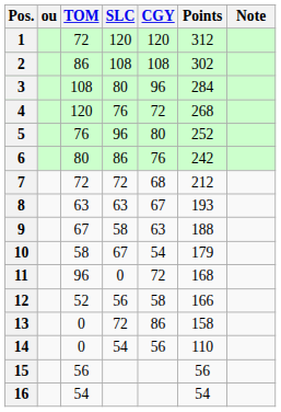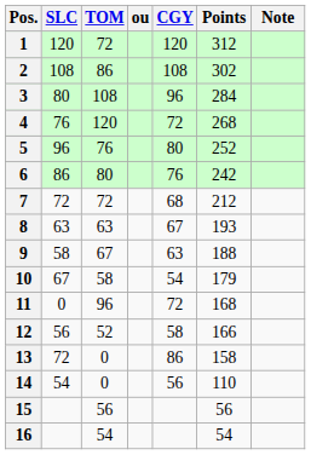 <table class="wikitable sortable plainrowheaders" style="text-align:center;">
 <tr>
 <th scope="col">Pos.</th>
+<th scope="col"> <a href='#'>SLC</a></th>
+<th scope="col"> <a href='#'>TOM</a></th>
 <th scope="col">ou</th>
-<th scope="col"> <a href='#'>TOM</a></th>
-<th scope="col"> <a href='#'>SLC</a></th>
 <th scope="col"> <a href='#'>CGY</a></th>
 <th style="width:45px;">Points</th>
 <th style="width:45px;">Note</th>
 </tr>
 <tr bgcolor=#ccffcc>
 <th style="text - align:center; ">1</th>
+<td>120</td>
+<td>72</td>
 <td align="left"></td>
-<td>72</td>
-<td>120</td>
 <td>120</td>
 <td>312</td>
 <td></td>
 </tr>
 <tr bgcolor=#ccffcc>
 <th style="text - align:center; ">2</th>
+<td>108</td>
+<td>86</td>
 <td align="left"></td>
-<td>86</td>
-<td>108</td>
 <td>108</td>
 <td>302</td>
 <td></td>
 </tr>
 <tr bgcolor=#ccffcc>
 <th style="text - align:center; ">3</th>
+<td>80</td>
+<td>108</td>
 <td align="left"></td>
-<td>108</td>
-<td>80</td>
 <td>96</td>
 <td>284</td>
 <td></td>
 </tr>
 <tr bgcolor=#ccffcc>
 <th style="text - align:center; ">4</th>
+<td>76</td>
+<td>120</td>
 <td align="left"></td>
-<td>120</td>
-<td>76</td>
 <td>72</td>
 <td>268</td>
 <td></td>
 </tr>
 <tr bgcolor=#ccffcc>
 <th style="text - align:center; ">5</th>
+<td>96</td>
+<td>76</td>
 <td align="left"></td>
-<td>76</td>
-<td>96</td>
 <td>80</td>
 <td>252</td>
 <td></td>
 </tr>
 <tr bgcolor=#ccffcc>
 <th style="text - align:center; ">6</th>
+<td>86</td>
+<td>80</td>
 <td align="left"></td>
-<td>80</td>
-<td>86</td>
 <td>76</td>
 <td>242</td>
 <td></td>
 </tr>
 <tr>
 <th style="text - align:center; ">7</th>
-<td align="left"></td>
 <td>72</td>
 <td>72</td>
+<td align="left"></td>
 <td>68</td>
 <td>212</td>
 <td></td>
 </tr>
 <tr>
 <th style="text - align:center; ">8</th>
-<td align="left"></td>
 <td>63</td>
 <td>63</td>
+<td align="left"></td>
 <td>67</td>
 <td>193</td>
 <td></td>
 </tr>
 <tr>
 <th style="text - align:center; ">9</th>
+<td>58</td>
+<td>67</td>
 <td align="left"></td>
-<td>67</td>
-<td>58</td>
 <td>63</td>
 <td>188</td>
 <td></td>
 </tr>
 <tr>
 <th style="text - align:center; ">10</th>
+<td>67</td>
+<td>58</td>
 <td align="left"></td>
-<td>58</td>
-<td>67</td>
 <td>54</td>
 <td>179</td>
 <td></td>
 </tr>
 <tr>
 <th style="text - align:center; ">11</th>
+<td>0</td>
+<td>96</td>
 <td align="left"></td>
-<td>96</td>
-<td>0</td>
 <td>72</td>
 <td>168</td>
 <td></td>
 </tr>
 <tr>
 <th style="text - align:center; ">12</th>
+<td>56</td>
+<td>52</td>
 <td align="left"></td>
-<td>52</td>
-<td>56</td>
 <td>58</td>
 <td>166</td>
 <td></td>
 </tr>
 <tr>
 <th style="text - align:center; ">13</th>
+<td>72</td>
+<td>0</td>
 <td align="left"></td>
-<td>0</td>
-<td>72</td>
 <td>86</td>
 <td>158</td>
 <td></td>
 </tr>
 <tr>
 <th style="text - align:center; ">14</th>
+<td>54</td>
+<td>0</td>
 <td align="left"></td>
-<td>0</td>
-<td>54</td>
 <td>56</td>
 <td>110</td>
 <td></td>
 </tr>
 <tr>
 <th style="text - align:center; ">15</th>
+<td></td>
+<td>56</td>
 <td align="left"></td>
-<td>56</td>
-<td></td>
 <td></td>
 <td>56</td>
 <td></td>
 </tr>
 <tr>
 <th style="text - align:center; ">16</th>
+<td></td>
+<td>54</td>
 <td align="left"></td>
-<td>54</td>
-<td></td>
 <td></td>
 <td>54</td>
 <td></td>
 </tr>
 </table>
